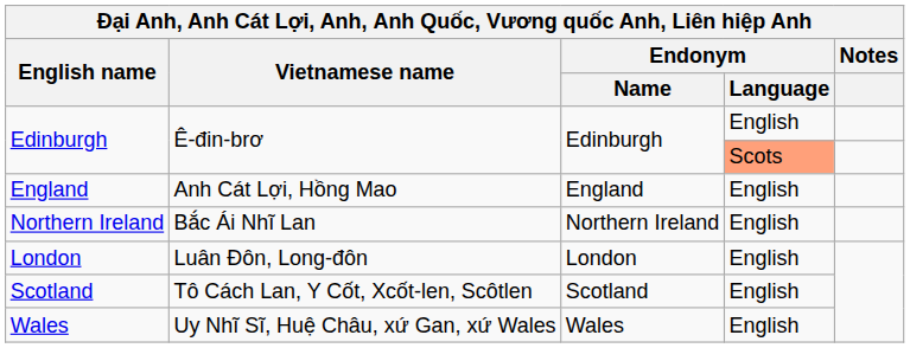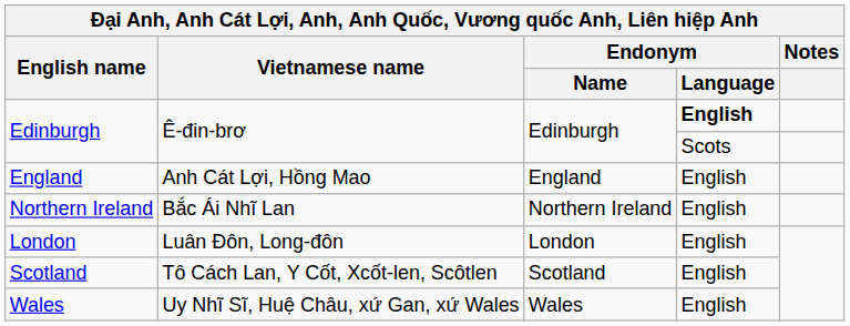 <table class="wikitable sortable">
 <tr>
 <th colspan="5"> Đại Anh, Anh Cát Lợi, Anh, <strong>Anh Quốc</strong>, <strong>Vương quốc Anh</strong>, <strong>Liên hiệp Anh</strong></th>
 </tr>
 <tr>
 <th rowspan="2">English name</th>
 <th rowspan="2">Vietnamese name</th>
 <th colspan="2">Endonym</th>
 <th>Notes</th>
 </tr>
 <tr>
 <th>Name</th>
 <th>Language</th>
 <th></th>
 </tr>
 <tr>
 <td rowspan="2"><a href='#'>Edinburgh</a></td>
 <td rowspan="2">Ê-đin-brơ</td>
 <td rowspan="2">Edinburgh</td>
-<td>English</td>
+<td><strong>English</strong></td>
 <td></td>
 </tr>
 <tr>
-<td style="background: lightsalmon;">Scots</td>
+<td>Scots</td>
 <td></td>
 </tr>
 <tr>
 <td><a href='#'>England</a></td>
 <td>Anh Cát Lợi, Hồng Mao</td>
 <td>England</td>
 <td>English</td>
 <td></td>
 </tr>
 <tr>
 <td><a href='#'>Northern Ireland</a></td>
 <td>Bắc Ái Nhĩ Lan</td>
 <td>Northern Ireland</td>
 <td>English</td>
 <td></td>
 </tr>
 <tr>
 <td><a href='#'>London</a></td>
 <td>Luân Đôn, Long-đôn</td>
 <td>London</td>
 <td>English</td>
 </tr>
 <tr>
 <td><a href='#'>Scotland</a></td>
 <td>Tô Cách Lan, Y Cốt, Xcốt-len, Scôtlen</td>
 <td>Scotland</td>
 <td>English</td>
 </tr>
 <tr>
 <td><a href='#'>Wales</a></td>
 <td>Uy Nhĩ Sĩ, Huệ Châu, xứ Gan, xứ Wales</td>
 <td>Wales</td>
 <td>English</td>
 </tr>
 </table>
